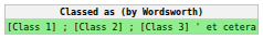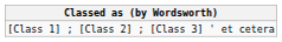 <table class="wikitable">
 <tr>
 <th>Classed as (by Wordsworth)</th>
 </tr>
 <tr>
-<td style="background: lightgreen;">[Class 1] ; [Class 2] ; [Class 3] ' et cetera</td>
+<td>[Class 1] ; [Class 2] ; [Class 3] ' et cetera</td>
 </tr>
 </table>
